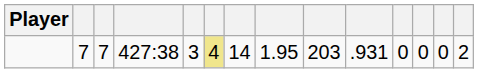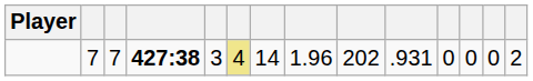 <table class="wikitable sortable" style="text-align:center;">
 <tr>
 <th>Player</th>
 <th></th>
 <th></th>
 <th></th>
 <th></th>
 <th></th>
 <th></th>
 <th></th>
 <th></th>
 <th></th>
 <th></th>
 <th></th>
 <th></th>
 <th></th>
 </tr>
 <tr>
 <td style="text-align:left;"></td>
 <td>7</td>
 <td>7</td>
-<td>427:38</td>
+<td><strong>427:38</strong></td>
 <td>3</td>
 <td style="background: khaki;">4</td>
 <td>14</td>
-<td>1.95</td>
-<td>203</td>
+<td>1.96</td>
+<td>202</td>
 <td>.931</td>
 <td>0</td>
 <td>0</td>
 <td>0</td>
 <td>2</td>
 </tr>
 </table>
